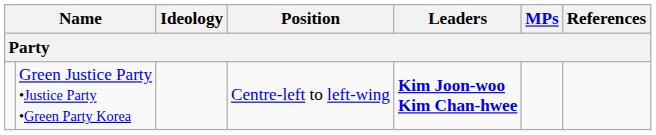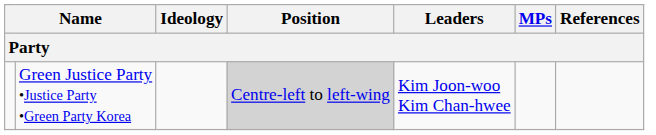 <table class="wikitable" style="font-size:90%;">
 <tr>
 <th colspan="2">Name</th>
 <th>Ideology</th>
 <th>Position</th>
 <th>Leaders</th>
 <th><a href='#'>MPs</a></th>
 <th>References</th>
 </tr>
 <tr>
 <th colspan="10" style="text-align: left;">Party</th>
 </tr>
 <tr>
 <td style="width:2px;background:"><br></td>
 <td><a href='#'>Green Justice Party</a><br><small>•<a href='#'>Justice Party</a><br>•<a href='#'>Green Party Korea</a></small></td>
 <td></td>
-<td><a href='#'>Centre-left</a> to <a href='#'>left-wing</a></td>
-<td><strong><a href='#'>Kim Joon-woo</a><br><a href='#'>Kim Chan-hwee</a></strong></td>
+<td style="background: lightgrey;"><a href='#'>Centre-left</a> to <a href='#'>left-wing</a></td>
+<td><a href='#'>Kim Joon-woo</a><br><a href='#'>Kim Chan-hwee</a></td>
 <td></td>
 <td></td>
 </tr>
 </table>
